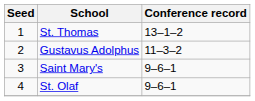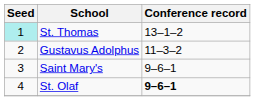 <table class="wikitable">
 <tr>
 <th>Seed</th>
 <th>School</th>
 <th>Conference record</th>
 </tr>
 <tr>
-<td align=center>1</td>
+<td align=center style="background: paleturquoise;">1</td>
 <td><a href='#'>St. Thomas</a></td>
 <td>13–1–2</td>
 </tr>
 <tr>
 <td align=center>2</td>
 <td><a href='#'>Gustavus Adolphus</a></td>
 <td>11–3–2</td>
 </tr>
 <tr>
 <td align=center>3</td>
 <td><a href='#'>Saint Mary's</a></td>
 <td>9–6–1</td>
 </tr>
 <tr>
 <td align=center>4</td>
 <td><a href='#'>St. Olaf</a></td>
-<td>9–6–1</td>
+<td><strong>9–6–1</strong></td>
 </tr>
 <tr>
 </tr>
 </table>
